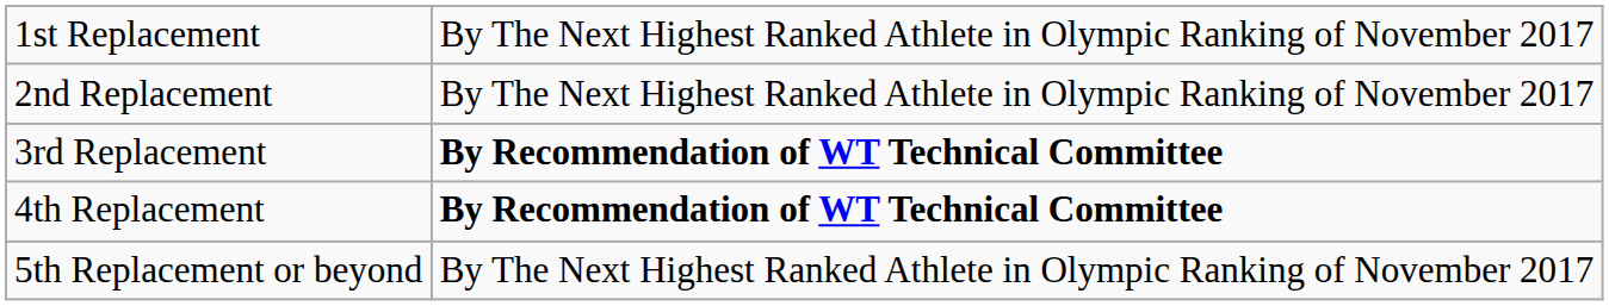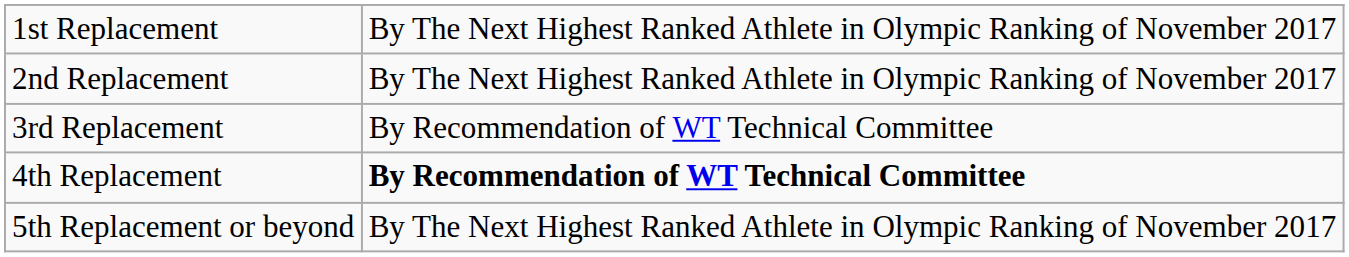 <table class="wikitable">
 <tr>
 <td>1st Replacement</td>
 <td>By The Next Highest Ranked Athlete in Olympic Ranking of November 2017</td>
 </tr>
 <tr>
 <td>2nd Replacement</td>
 <td>By The Next Highest Ranked Athlete in Olympic Ranking of November 2017</td>
 </tr>
 <tr>
 <td>3rd Replacement</td>
-<td><strong>By Recommendation of <a href='#'>WT</a> Technical Committee</strong></td>
+<td>By Recommendation of <a href='#'>WT</a> Technical Committee</td>
 </tr>
 <tr>
 <td>4th Replacement</td>
 <td><strong>By Recommendation of <a href='#'>WT</a> Technical Committee</strong></td>
 </tr>
 <tr>
 <td>5th Replacement or beyond</td>
 <td>By The Next Highest Ranked Athlete in Olympic Ranking of November 2017</td>
 </tr>
 </table>
